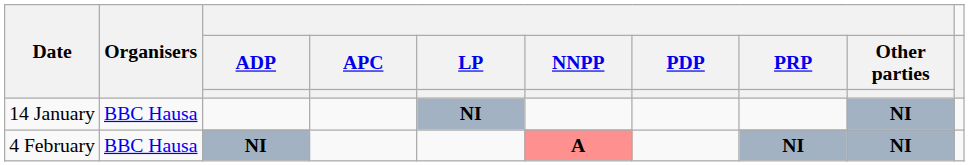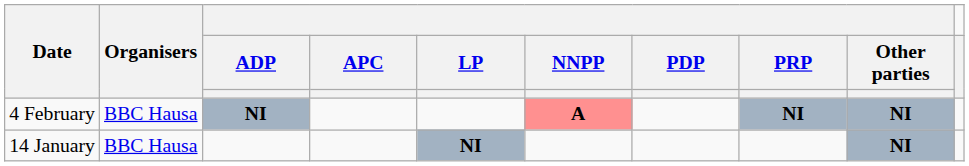 <table class="wikitable" style="text-align:center;">
 <tr>
 <th rowspan="3">Date</th>
 <th rowspan="3">Organisers</th>
 <th colspan="7">    <br>   </th>
 </tr>
 <tr>
 <th scope="col" style="width:5em;"><a href='#'>ADP</a></th>
 <th scope="col" style="width:5em;"><a href='#'>APC</a></th>
 <th scope="col" style="width:5em;"><a href='#'>LP</a></th>
 <th scope="col" style="width:5em;"><a href='#'>NNPP</a></th>
 <th scope="col" style="width:5em;"><a href='#'>PDP</a></th>
 <th scope="col" style="width:5em;"><a href='#'>PRP</a></th>
 <th scope="col" style="width:5em;">Other parties</th>
 <th rowspan="2"></th>
 </tr>
 <tr>
 <th style="background:"></th>
 <th style="background:"></th>
 <th style="background:"></th>
 <th style="background:"></th>
 <th style="background:"></th>
 <th style="background:"></th>
 <th style="background:"></th>
 </tr>
 <tr>
+<td style="white-space:nowrap; text-align:left;">4 February</td>
+<td style="white-space:nowrap; text-align:left;"><a href='#'>BBC Hausa</a></td>
+<td style="background:#A2B2C2;"><strong>NI</strong><br></td>
+<td></td>
+<td></td>
+<td style="background:#FF9090;"><strong>A</strong><br></td>
+<td></td>
+<td style="background:#A2B2C2;"><strong>NI</strong><br></td>
+<td style="background:#A2B2C2;"><strong>NI</strong><br></td>
+<td></td>
+</tr>
+<tr>
 <td style="white-space:nowrap; text-align:left;">14 January</td>
 <td style="white-space:nowrap; text-align:left;"><a href='#'>BBC Hausa</a></td>
 <td></td>
 <td></td>
 <td style="background:#A2B2C2;"><strong>NI</strong><br></td>
 <td></td>
 <td></td>
 <td></td>
 <td style="background:#A2B2C2;"><strong>NI</strong><br></td>
 <td></td>
 </tr>
-<tr>
-<td style="white-space:nowrap; text-align:left;">4 February</td>
-<td style="white-space:nowrap; text-align:left;"><a href='#'>BBC Hausa</a></td>
-<td style="background:#A2B2C2;"><strong>NI</strong><br></td>
-<td></td>
-<td></td>
-<td style="background:#FF9090;"><strong>A</strong><br></td>
-<td></td>
-<td style="background:#A2B2C2;"><strong>NI</strong><br></td>
-<td style="background:#A2B2C2;"><strong>NI</strong><br></td>
-<td></td>
-</tr>
 </table>
